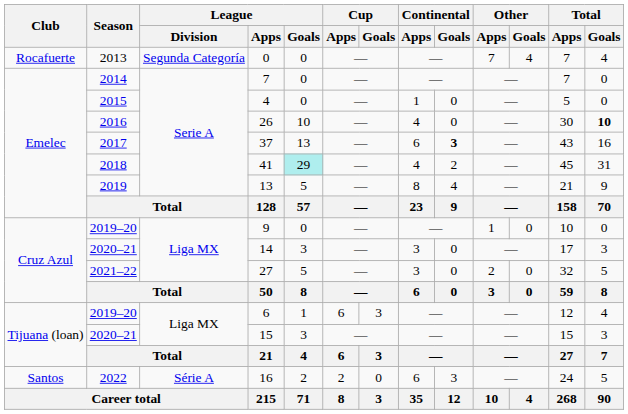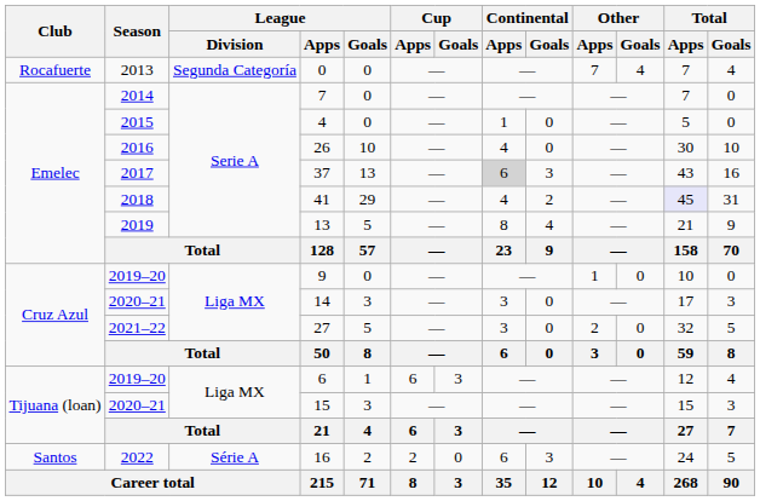 <table class="wikitable" style="text-align: center;">
 <tr>
 <th rowspan="2">Club</th>
 <th rowspan="2">Season</th>
 <th colspan="3">League</th>
 <th colspan="2">Cup</th>
 <th colspan="2">Continental</th>
 <th colspan="2">Other</th>
 <th colspan="2">Total</th>
 </tr>
 <tr>
 <th>Division</th>
 <th>Apps</th>
 <th>Goals</th>
 <th>Apps</th>
 <th>Goals</th>
 <th>Apps</th>
 <th>Goals</th>
 <th>Apps</th>
 <th>Goals</th>
 <th>Apps</th>
 <th>Goals</th>
 </tr>
 <tr>
 <td><a href='#'>Rocafuerte</a></td>
 <td>2013</td>
 <td><a href='#'>Segunda Categoría</a></td>
 <td>0</td>
 <td>0</td>
 <td colspan=2>—</td>
 <td colspan=2>—</td>
 <td>7</td>
 <td>4</td>
 <td>7</td>
 <td>4</td>
 </tr>
 <tr>
 <td rowspan="7"><a href='#'>Emelec</a></td>
 <td><a href='#'>2014</a></td>
 <td rowspan="6"><a href='#'>Serie A</a></td>
 <td>7</td>
 <td>0</td>
 <td colspan=2>—</td>
 <td colspan=2>—</td>
 <td colspan=2>—</td>
 <td>7</td>
 <td>0</td>
 </tr>
 <tr>
 <td><a href='#'>2015</a></td>
 <td>4</td>
 <td>0</td>
 <td colspan=2>—</td>
 <td>1</td>
 <td>0</td>
 <td colspan=2>—</td>
 <td>5</td>
 <td>0</td>
 </tr>
 <tr>
 <td><a href='#'>2016</a></td>
 <td>26</td>
 <td>10</td>
 <td colspan=2>—</td>
 <td>4</td>
 <td>0</td>
 <td colspan=2>—</td>
 <td>30</td>
-<td><strong>10</strong></td>
+<td>10</td>
 </tr>
 <tr>
 <td><a href='#'>2017</a></td>
 <td>37</td>
 <td>13</td>
 <td colspan=2>—</td>
-<td>6</td>
-<td><strong>3</strong></td>
+<td style="background: lightgrey;">6</td>
+<td>3</td>
 <td colspan=2>—</td>
 <td>43</td>
 <td>16</td>
 </tr>
 <tr>
 <td><a href='#'>2018</a></td>
 <td>41</td>
-<td style="background: paleturquoise;">29</td>
+<td>29</td>
 <td colspan=2>—</td>
 <td>4</td>
 <td>2</td>
 <td colspan=2>—</td>
-<td>45</td>
+<td style="background: lavender;">45</td>
 <td>31</td>
 </tr>
 <tr>
 <td><a href='#'>2019</a></td>
 <td>13</td>
 <td>5</td>
 <td colspan=2>—</td>
 <td>8</td>
 <td>4</td>
 <td colspan=2>—</td>
 <td>21</td>
 <td>9</td>
 </tr>
 <tr>
 <th colspan="2">Total</th>
 <th>128</th>
 <th>57</th>
 <th colspan=2>—</th>
 <th>23</th>
 <th>9</th>
 <th colspan=2>—</th>
 <th>158</th>
 <th>70</th>
 </tr>
 <tr>
 <td rowspan="4"><a href='#'>Cruz Azul</a></td>
 <td><a href='#'>2019–20</a></td>
 <td rowspan="3"><a href='#'>Liga MX</a></td>
 <td>9</td>
 <td>0</td>
 <td colspan=2>—</td>
 <td colspan=2>—</td>
 <td>1</td>
 <td>0</td>
 <td>10</td>
 <td>0</td>
 </tr>
 <tr>
 <td><a href='#'>2020–21</a></td>
 <td>14</td>
 <td>3</td>
 <td colspan=2>—</td>
 <td>3</td>
 <td>0</td>
 <td colspan=2>—</td>
 <td>17</td>
 <td>3</td>
 </tr>
 <tr>
 <td><a href='#'>2021–22</a></td>
 <td>27</td>
 <td>5</td>
 <td colspan=2>—</td>
 <td>3</td>
 <td>0</td>
 <td>2</td>
 <td>0</td>
 <td>32</td>
 <td>5</td>
 </tr>
 <tr>
 <th colspan="2">Total</th>
 <th>50</th>
 <th>8</th>
 <th colspan=2>—</th>
 <th>6</th>
 <th>0</th>
 <th>3</th>
 <th>0</th>
 <th>59</th>
 <th>8</th>
 </tr>
 <tr>
 <td rowspan="3"><a href='#'>Tijuana</a> (loan)</td>
 <td><a href='#'>2019–20</a></td>
 <td rowspan="2">Liga MX</td>
 <td>6</td>
 <td>1</td>
 <td>6</td>
 <td>3</td>
 <td colspan=2>—</td>
 <td colspan=2>—</td>
 <td>12</td>
 <td>4</td>
 </tr>
 <tr>
 <td><a href='#'>2020–21</a></td>
 <td>15</td>
 <td>3</td>
 <td colspan=2>—</td>
 <td colspan=2>—</td>
 <td colspan=2>—</td>
 <td>15</td>
 <td>3</td>
 </tr>
 <tr>
 <th colspan="2">Total</th>
 <th>21</th>
 <th>4</th>
 <th>6</th>
 <th>3</th>
 <th colspan=2>—</th>
 <th colspan=2>—</th>
 <th>27</th>
 <th>7</th>
 </tr>
 <tr>
 <td><a href='#'>Santos</a></td>
 <td><a href='#'>2022</a></td>
 <td><a href='#'>Série A</a></td>
 <td>16</td>
 <td>2</td>
 <td>2</td>
 <td>0</td>
 <td>6</td>
 <td>3</td>
 <td colspan="2">—</td>
 <td>24</td>
 <td>5</td>
 </tr>
 <tr>
 <th colspan="3">Career total</th>
 <th>215</th>
 <th>71</th>
 <th>8</th>
 <th>3</th>
 <th>35</th>
 <th>12</th>
 <th>10</th>
 <th>4</th>
 <th>268</th>
 <th>90</th>
 </tr>
 </table>
